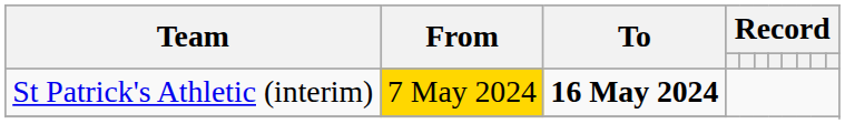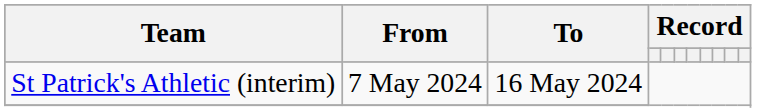 <table class="wikitable" style="text-align: center">
 <tr>
 <th rowspan="2">Team</th>
 <th rowspan="2">From</th>
 <th rowspan="2">To</th>
 <th colspan="8">Record</th>
 </tr>
 <tr>
 <th></th>
 <th></th>
 <th></th>
 <th></th>
 <th></th>
 <th></th>
 <th></th>
 <th></th>
 </tr>
 <tr>
 <td><a href='#'>St Patrick's Athletic</a> (interim)</td>
-<td style="background: gold;">7 May 2024</td>
-<td><strong>16 May 2024<br></strong></td>
+<td>7 May 2024</td>
+<td>16 May 2024<br></td>
 </tr>
 <tr>
 </tr>
 </table>
